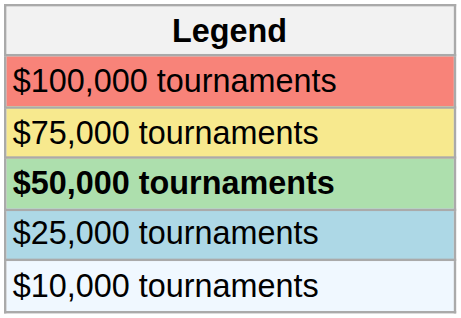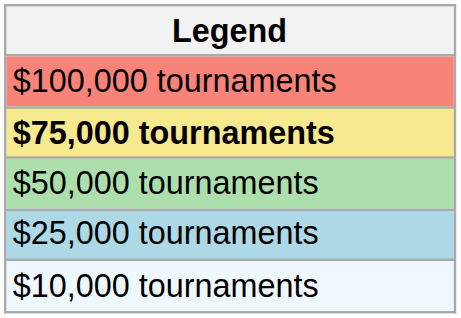 <table class="wikitable" style="font-size:85%; width:15%;">
 <tr>
 <th>Legend</th>
 </tr>
 <tr style="background:#f88379;">
 <td>$100,000 tournaments</td>
 </tr>
 <tr style="background:#f7e98e;">
-<td>$75,000 tournaments</td>
+<td><strong>$75,000 tournaments</strong></td>
 </tr>
 <tr style="background:#addfad;">
-<td><strong>$50,000 tournaments</strong></td>
+<td>$50,000 tournaments</td>
 </tr>
 <tr style="background:lightblue;">
 <td>$25,000 tournaments</td>
 </tr>
 <tr style="background:#f0f8ff;">
 <td>$10,000 tournaments</td>
 </tr>
 </table>
